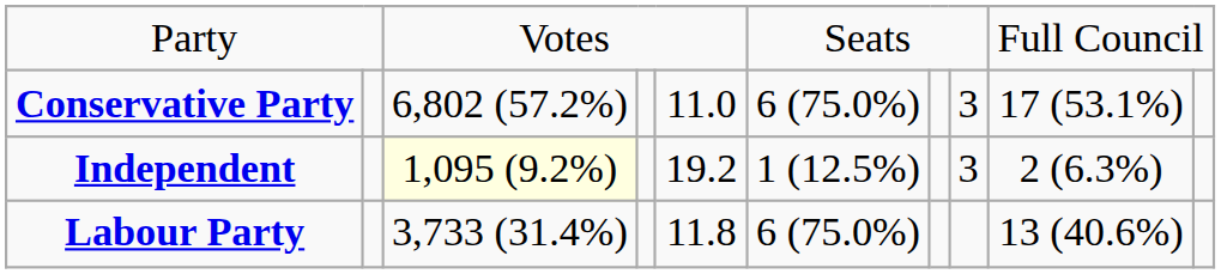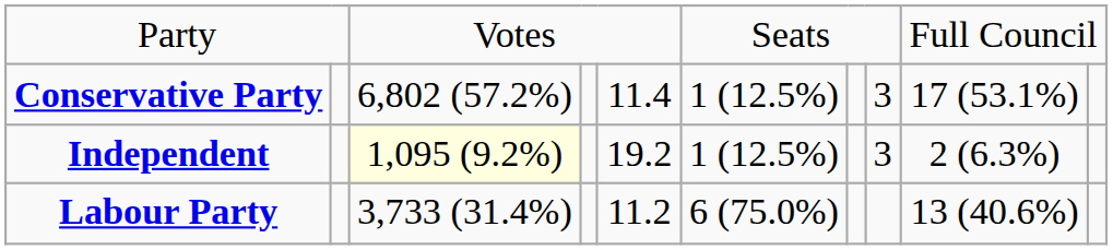 <table class=wikitable style="text-align:center;">
 <tr>
 <td colspan=2>Party</td>
 <td colspan=3>Votes</td>
 <td colspan=3>Seats</td>
 <td colspan=3>Full Council</td>
 </tr>
 <tr>
 <td><strong><a href='#'>Conservative Party</a></strong></td>
 <td style="background:"></td>
 <td>6,802 (57.2%)</td>
 <td></td>
-<td> 11.0</td>
-<td>6 (75.0%)</td>
+<td> 11.4</td>
+<td>1 (12.5%)</td>
 <td></td>
 <td> 3</td>
 <td>17 (53.1%)</td>
 <td></td>
 </tr>
 <tr>
 <td><strong><a href='#'>Independent</a></strong></td>
 <td style="background:"></td>
 <td style="background: lightyellow;">1,095 (9.2%)</td>
 <td></td>
 <td> 19.2</td>
 <td>1 (12.5%)</td>
 <td></td>
 <td> 3</td>
 <td>2 (6.3%)</td>
 <td></td>
 </tr>
 <tr>
 <td><strong><a href='#'>Labour Party</a></strong></td>
 <td style="background:"></td>
 <td>3,733 (31.4%)</td>
 <td></td>
-<td> 11.8</td>
+<td> 11.2</td>
 <td>6 (75.0%)</td>
 <td></td>
 <td></td>
 <td>13 (40.6%)</td>
 <td></td>
 </tr>
 </table>
